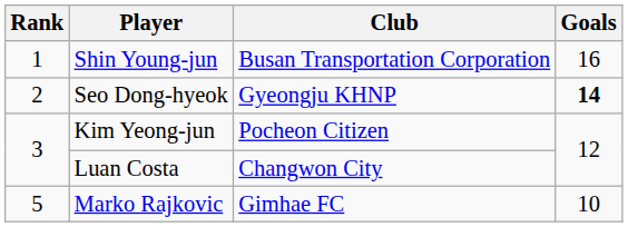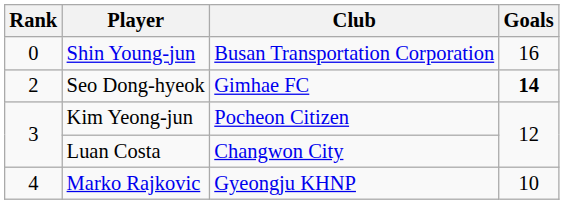 <table class="wikitable" style="text-align: left;">
 <tr>
 <th>Rank</th>
 <th>Player</th>
 <th>Club</th>
 <th>Goals</th>
 </tr>
 <tr>
-<td align="center">1</td>
+<td align="center">0</td>
 <td> <a href='#'>Shin Young-jun</a></td>
 <td><a href='#'>Busan Transportation Corporation</a></td>
 <td align="center">16</td>
 </tr>
 <tr>
 <td align="center">2</td>
 <td> Seo Dong-hyeok</td>
-<td><a href='#'>Gyeongju KHNP</a></td>
+<td><a href='#'>Gimhae FC</a></td>
 <td align="center"><strong>14</strong></td>
 </tr>
 <tr>
 <td align="center" rowspan=2>3</td>
 <td> Kim Yeong-jun</td>
 <td><a href='#'>Pocheon Citizen</a></td>
 <td align="center" rowspan=2>12</td>
 </tr>
 <tr>
 <td> Luan Costa</td>
 <td><a href='#'>Changwon City</a></td>
 </tr>
 <tr>
-<td align="center">5</td>
+<td align="center">4</td>
 <td> <a href='#'>Marko Rajkovic</a></td>
-<td><a href='#'>Gimhae FC</a></td>
+<td><a href='#'>Gyeongju KHNP</a></td>
 <td align="center">10</td>
 </tr>
 </table>
